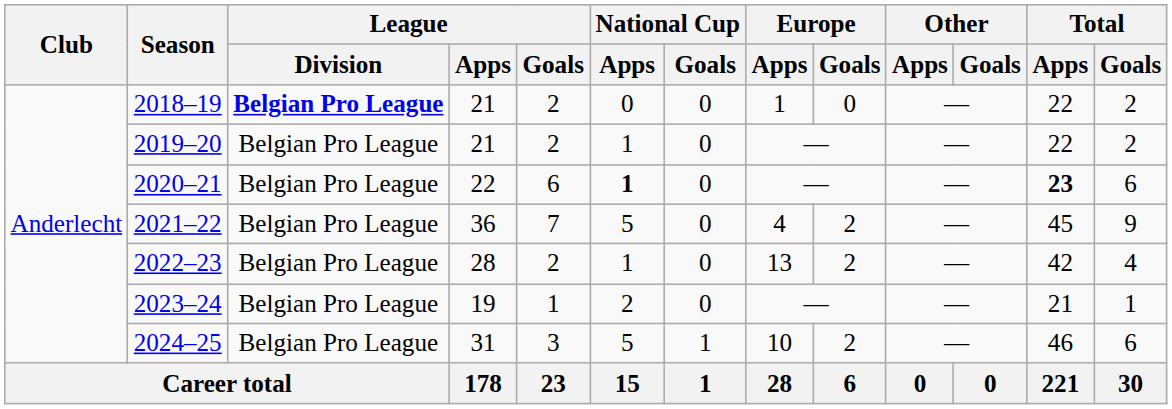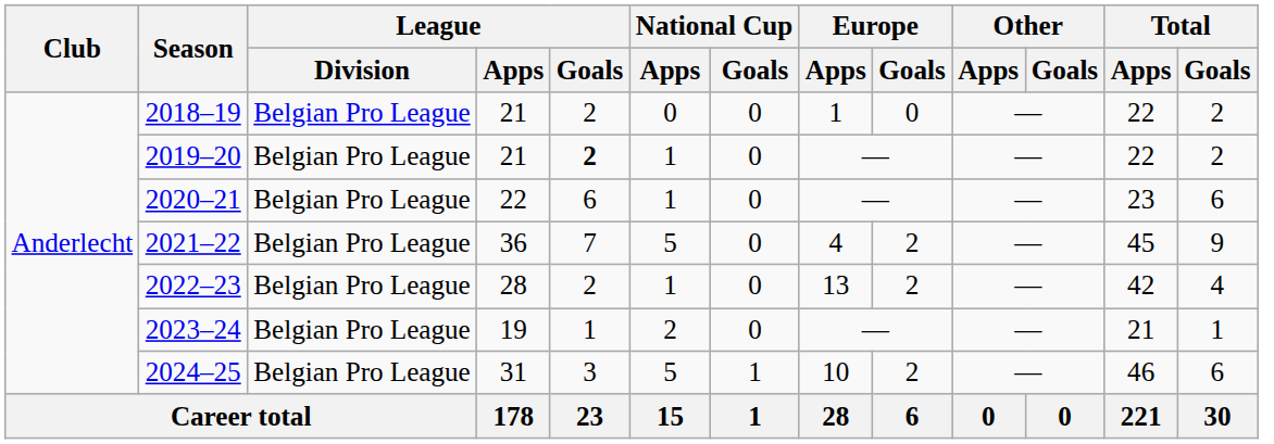 <table class=wikitable style=text-align:center>
 <tr>
 <th rowspan="2">Club</th>
 <th rowspan="2">Season</th>
 <th colspan="3">League</th>
 <th colspan="2">National Cup</th>
 <th colspan="2">Europe</th>
 <th colspan="2">Other</th>
 <th colspan="2">Total</th>
 </tr>
 <tr>
 <th>Division</th>
 <th>Apps</th>
 <th>Goals</th>
 <th>Apps</th>
 <th>Goals</th>
 <th>Apps</th>
 <th>Goals</th>
 <th>Apps</th>
 <th>Goals</th>
 <th>Apps</th>
 <th>Goals</th>
 </tr>
 <tr>
 <td rowspan="7"><a href='#'>Anderlecht</a></td>
 <td><a href='#'>2018–19</a></td>
-<td><strong><a href='#'>Belgian Pro League</a></strong></td>
+<td><a href='#'>Belgian Pro League</a></td>
 <td>21</td>
 <td>2</td>
 <td>0</td>
 <td>0</td>
 <td>1</td>
 <td>0</td>
 <td colspan="2">—</td>
 <td>22</td>
 <td>2</td>
 </tr>
 <tr>
 <td><a href='#'>2019–20</a></td>
 <td>Belgian Pro League</td>
 <td>21</td>
-<td>2</td>
+<td><strong>2</strong></td>
 <td>1</td>
 <td>0</td>
 <td colspan="2">—</td>
 <td colspan="2">—</td>
 <td>22</td>
 <td>2</td>
 </tr>
 <tr>
 <td><a href='#'>2020–21</a></td>
 <td>Belgian Pro League</td>
 <td>22</td>
 <td>6</td>
-<td><strong>1</strong></td>
+<td>1</td>
 <td>0</td>
 <td colspan="2">—</td>
 <td colspan="2">—</td>
-<td><strong>23</strong></td>
+<td>23</td>
 <td>6</td>
 </tr>
 <tr>
 <td><a href='#'>2021–22</a></td>
 <td>Belgian Pro League</td>
 <td>36</td>
 <td>7</td>
 <td>5</td>
 <td>0</td>
 <td>4</td>
 <td>2</td>
 <td colspan="2">—</td>
 <td>45</td>
 <td>9</td>
 </tr>
 <tr>
 <td><a href='#'>2022–23</a></td>
 <td>Belgian Pro League</td>
 <td>28</td>
 <td>2</td>
 <td>1</td>
 <td>0</td>
 <td>13</td>
 <td>2</td>
 <td colspan="2">—</td>
 <td>42</td>
 <td>4</td>
 </tr>
 <tr>
 <td><a href='#'>2023–24</a></td>
 <td>Belgian Pro League</td>
 <td>19</td>
 <td>1</td>
 <td>2</td>
 <td>0</td>
 <td colspan="2">—</td>
 <td colspan="2">—</td>
 <td>21</td>
 <td>1</td>
 </tr>
 <tr>
 <td><a href='#'>2024–25</a></td>
 <td>Belgian Pro League</td>
 <td>31</td>
 <td>3</td>
 <td>5</td>
 <td>1</td>
 <td>10</td>
 <td>2</td>
 <td colspan="2">—</td>
 <td>46</td>
 <td>6</td>
 </tr>
 <tr>
 <th colspan="3">Career total</th>
 <th>178</th>
 <th>23</th>
 <th>15</th>
 <th>1</th>
 <th>28</th>
 <th>6</th>
 <th>0</th>
 <th>0</th>
 <th>221</th>
 <th>30</th>
 </tr>
 </table>
